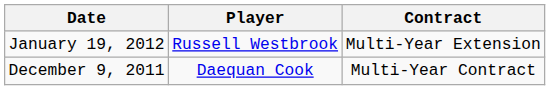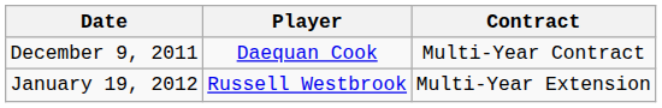 <table class="wikitable sortable sortable" style="text-align: center">
 <tr>
 <th>Date</th>
 <th>Player</th>
 <th>Contract</th>
 </tr>
 <tr style="text-align: center">
+<td>December 9, 2011</td>
+<td><a href='#'>Daequan Cook</a></td>
+<td>Multi-Year Contract</td>
+</tr>
+<tr style="text-align: center">
 <td>January 19, 2012</td>
 <td><a href='#'>Russell Westbrook</a></td>
 <td>Multi-Year Extension</td>
 </tr>
-<tr style="text-align: center">
-<td>December 9, 2011</td>
-<td><a href='#'>Daequan Cook</a></td>
-<td>Multi-Year Contract</td>
-</tr>
 </table>
